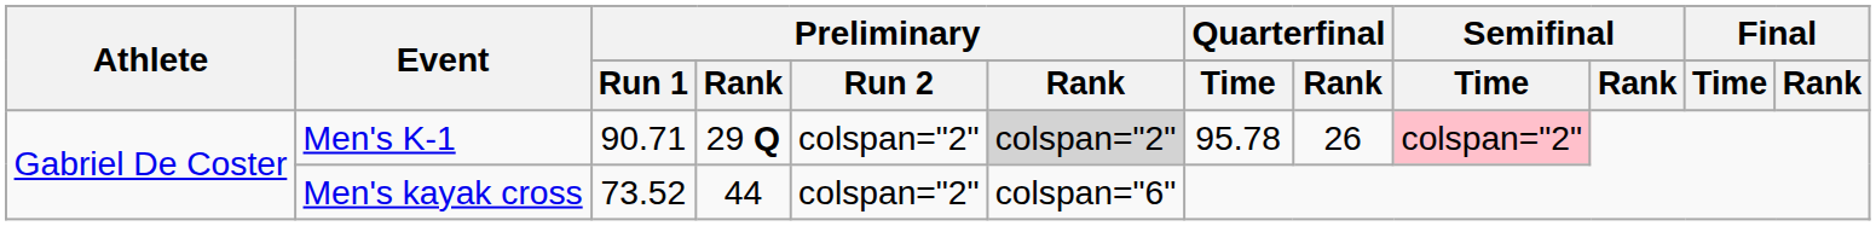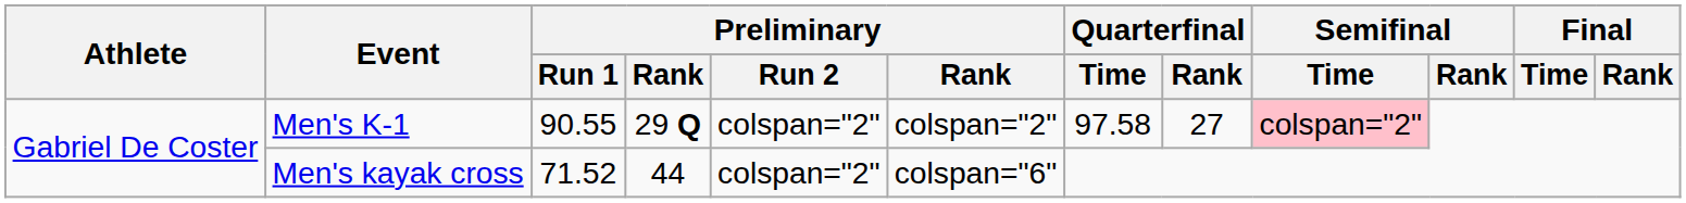 <table class="wikitable" style="font-size:90%; text-align:center">
 <tr>
 <th rowspan="2">Athlete</th>
 <th rowspan="2">Event</th>
 <th colspan="4">Preliminary</th>
 <th colspan="2">Quarterfinal</th>
 <th colspan="2">Semifinal</th>
 <th colspan="2">Final</th>
 </tr>
 <tr style="font-size:95%">
 <th>Run 1</th>
 <th>Rank</th>
 <th>Run 2</th>
 <th>Rank</th>
 <th>Time</th>
 <th>Rank</th>
 <th>Time</th>
 <th>Rank</th>
 <th>Time</th>
 <th>Rank</th>
 </tr>
 <tr>
 <td align="left" rowspan="2"><a href='#'>Gabriel De Coster</a></td>
 <td align="left"><a href='#'>Men's K-1</a></td>
-<td>90.71</td>
+<td>90.55</td>
 <td>29 <strong>Q</strong></td>
 <td>colspan="2" </td>
-<td style="background: lightgrey;">colspan="2" </td>
-<td>95.78</td>
-<td>26</td>
+<td>colspan="2" </td>
+<td>97.58</td>
+<td>27</td>
 <td style="background: pink;">colspan="2" </td>
 </tr>
 <tr>
 <td align="left"><a href='#'>Men's kayak cross</a></td>
-<td>73.52</td>
+<td>71.52</td>
 <td>44</td>
 <td>colspan="2" </td>
 <td>colspan="6" </td>
 </tr>
 </table>
